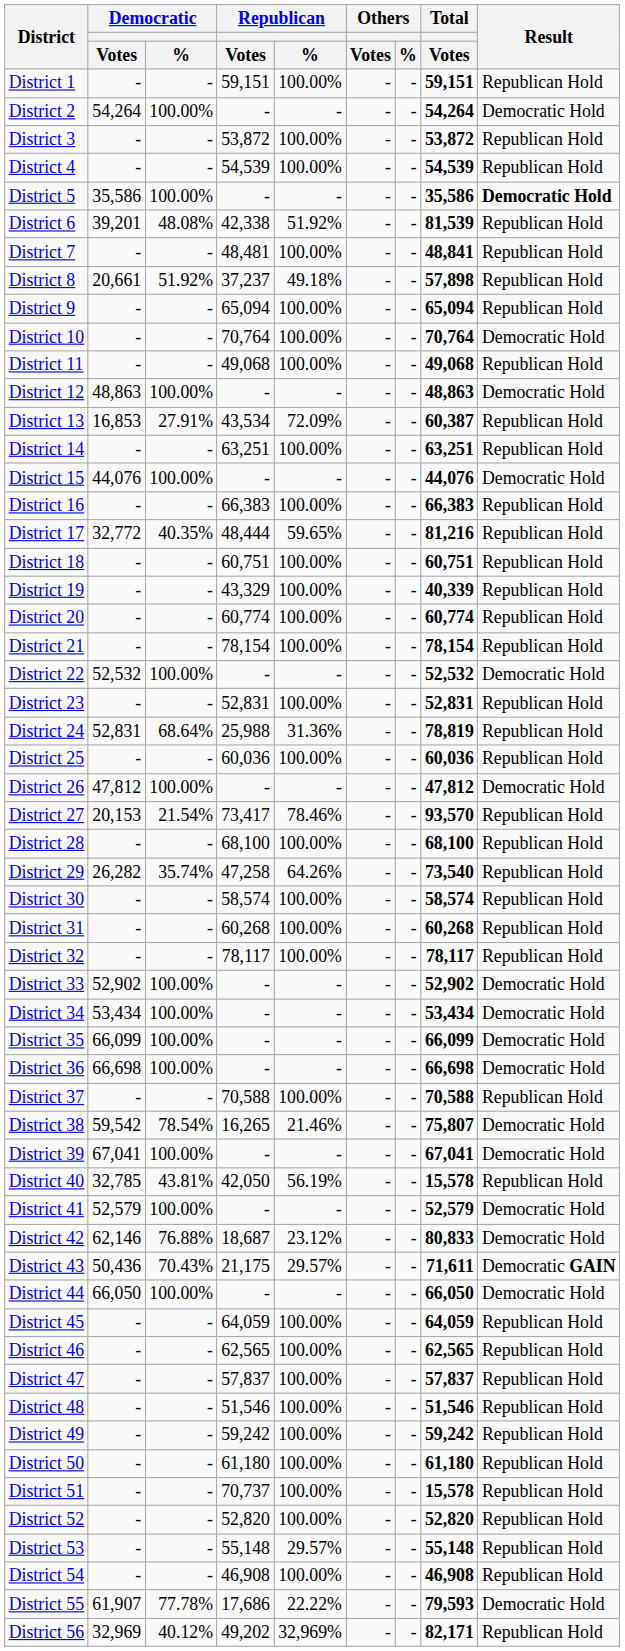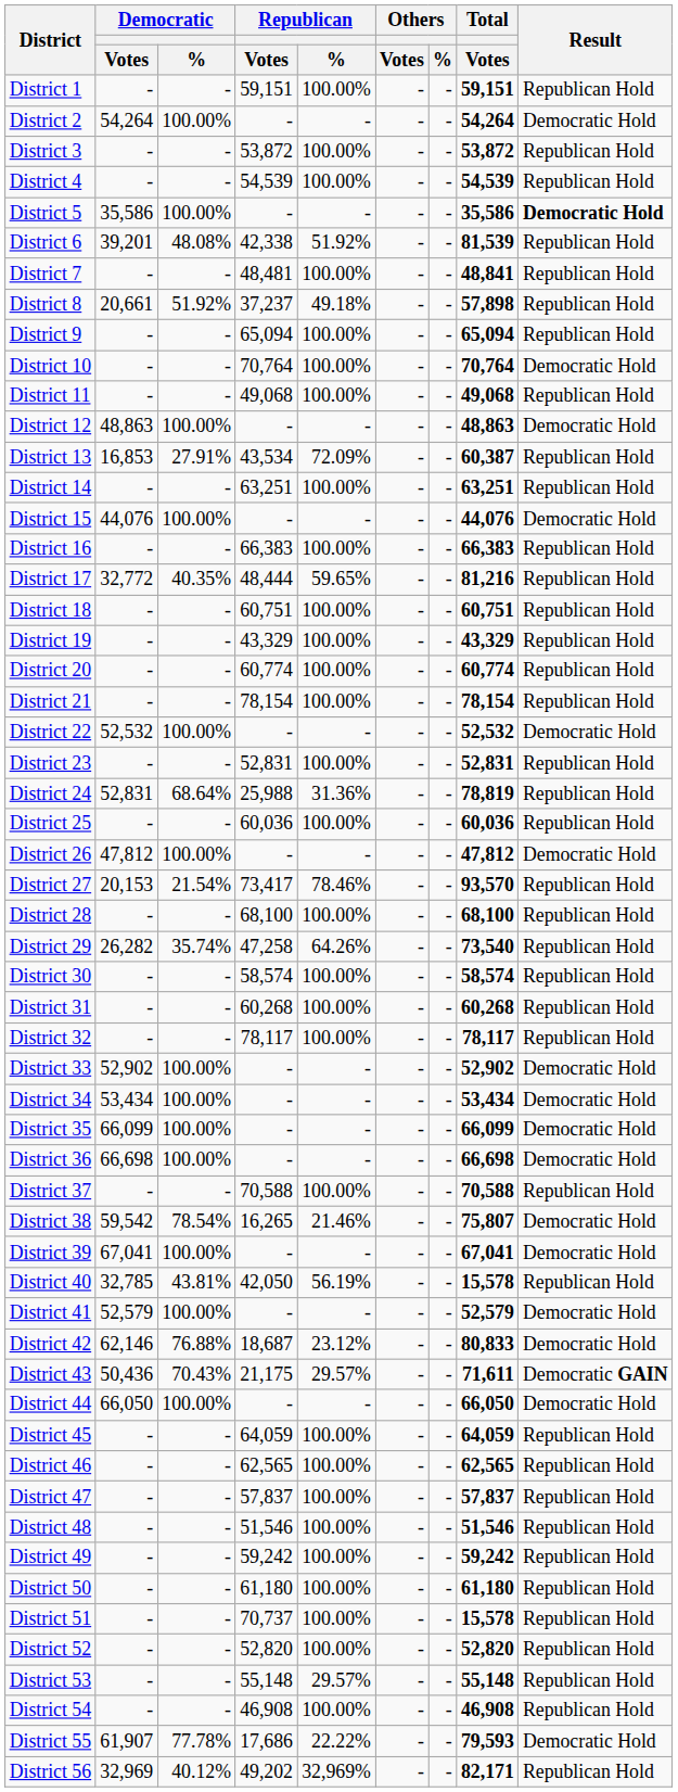 <table class="wikitable plainrowheaders sortable" style="font-size:100%; text-align:right;">
 <tr>
 <th scope=col rowspan=3>District</th>
 <th scope=col colspan=2><a href='#'>Democratic</a></th>
 <th scope=col colspan=2><a href='#'>Republican</a></th>
 <th scope=col colspan=2>Others</th>
 <th scope="col">Total</th>
 <th scope=col rowspan=3>Result</th>
 </tr>
 <tr>
 <th scope=col colspan=2 style="background:"></th>
 <th scope=col colspan=2 style="background:"></th>
 <th scope=col colspan=2></th>
 <th scope="col"></th>
 </tr>
 <tr>
 <th scope=col data-sort-type="number">Votes</th>
 <th scope=col data-sort-type="number">%</th>
 <th scope=col data-sort-type="number">Votes</th>
 <th scope=col data-sort-type="number">%</th>
 <th scope=col data-sort-type="number">Votes</th>
 <th scope=col data-sort-type="number">%</th>
 <th scope=col data-sort-type="number">Votes</th>
 </tr>
 <tr>
 <td align=left><a href='#'>District 1</a></td>
 <td>-</td>
 <td>-</td>
 <td>59,151</td>
 <td>100.00%</td>
 <td>-</td>
 <td>-</td>
 <td><strong>59,151</strong></td>
 <td align="left">Republican Hold</td>
 </tr>
 <tr>
 <td align=left><a href='#'>District 2</a></td>
 <td>54,264</td>
 <td>100.00%</td>
 <td>-</td>
 <td>-</td>
 <td>-</td>
 <td>-</td>
 <td><strong>54,264</strong></td>
 <td align="left">Democratic Hold</td>
 </tr>
 <tr>
 <td align=left><a href='#'>District 3</a></td>
 <td>-</td>
 <td>-</td>
 <td>53,872</td>
 <td>100.00%</td>
 <td>-</td>
 <td>-</td>
 <td><strong>53,872</strong></td>
 <td align="left">Republican Hold</td>
 </tr>
 <tr>
 <td align=left><a href='#'>District 4</a></td>
 <td>-</td>
 <td>-</td>
 <td>54,539</td>
 <td>100.00%</td>
 <td>-</td>
 <td>-</td>
 <td><strong>54,539</strong></td>
 <td align="left">Republican Hold</td>
 </tr>
 <tr>
 <td align=left><a href='#'>District 5</a></td>
 <td>35,586</td>
 <td>100.00%</td>
 <td>-</td>
 <td>-</td>
 <td>-</td>
 <td>-</td>
 <td><strong>35,586</strong></td>
 <td align="left"><strong>Democratic Hold</strong></td>
 </tr>
 <tr>
 <td align=left><a href='#'>District 6</a></td>
 <td>39,201</td>
 <td>48.08%</td>
 <td>42,338</td>
 <td>51.92%</td>
 <td>-</td>
 <td>-</td>
 <td><strong>81,539</strong></td>
 <td align="left">Republican Hold</td>
 </tr>
 <tr>
 <td align=left><a href='#'>District 7</a></td>
 <td>-</td>
 <td>-</td>
 <td>48,481</td>
 <td>100.00%</td>
 <td>-</td>
 <td>-</td>
 <td><strong>48,841</strong></td>
 <td align="left">Republican Hold</td>
 </tr>
 <tr>
 <td align=left><a href='#'>District 8</a></td>
 <td>20,661</td>
 <td>51.92%</td>
 <td>37,237</td>
 <td>49.18%</td>
 <td>-</td>
 <td>-</td>
 <td><strong>57,898</strong></td>
 <td align="left">Republican Hold</td>
 </tr>
 <tr>
 <td align=left><a href='#'>District 9</a></td>
 <td>-</td>
 <td>-</td>
 <td>65,094</td>
 <td>100.00%</td>
 <td>-</td>
 <td>-</td>
 <td><strong>65,094</strong></td>
 <td align="left">Republican Hold</td>
 </tr>
 <tr>
 <td align=left><a href='#'>District 10</a></td>
 <td>-</td>
 <td>-</td>
 <td>70,764</td>
 <td>100.00%</td>
 <td>-</td>
 <td>-</td>
 <td><strong>70,764</strong></td>
 <td align="left">Democratic Hold</td>
 </tr>
 <tr>
 <td align=left><a href='#'>District 11</a></td>
 <td>-</td>
 <td>-</td>
 <td>49,068</td>
 <td>100.00%</td>
 <td>-</td>
 <td>-</td>
 <td><strong>49,068</strong></td>
 <td align="left">Republican Hold</td>
 </tr>
 <tr>
 <td align=left><a href='#'>District 12</a></td>
 <td>48,863</td>
 <td>100.00%</td>
 <td>-</td>
 <td>-</td>
 <td>-</td>
 <td>-</td>
 <td><strong>48,863 </strong></td>
 <td align="left">Democratic Hold</td>
 </tr>
 <tr>
 <td align=left><a href='#'>District 13</a></td>
 <td>16,853</td>
 <td>27.91%</td>
 <td>43,534</td>
 <td>72.09%</td>
 <td>-</td>
 <td>-</td>
 <td><strong>60,387</strong></td>
 <td align="left">Republican Hold</td>
 </tr>
 <tr>
 <td align=left><a href='#'>District 14</a></td>
 <td>-</td>
 <td>-</td>
 <td>63,251</td>
 <td>100.00%</td>
 <td>-</td>
 <td>-</td>
 <td><strong>63,251</strong></td>
 <td align="left">Republican Hold</td>
 </tr>
 <tr>
 <td align=left><a href='#'>District 15</a></td>
 <td>44,076</td>
 <td>100.00%</td>
 <td>-</td>
 <td>-</td>
 <td>-</td>
 <td>-</td>
 <td><strong>44,076</strong></td>
 <td align="left">Democratic Hold</td>
 </tr>
 <tr>
 <td align=left><a href='#'>District 16</a></td>
 <td>-</td>
 <td>-</td>
 <td>66,383</td>
 <td>100.00%</td>
 <td>-</td>
 <td>-</td>
 <td><strong>66,383</strong></td>
 <td align="left">Republican Hold</td>
 </tr>
 <tr>
 <td align=left><a href='#'>District 17</a></td>
 <td>32,772</td>
 <td>40.35%</td>
 <td>48,444</td>
 <td>59.65%</td>
 <td>-</td>
 <td>-</td>
 <td><strong>81,216</strong></td>
 <td align="left">Republican Hold</td>
 </tr>
 <tr>
 <td align=left><a href='#'>District 18</a></td>
 <td>-</td>
 <td>-</td>
 <td>60,751</td>
 <td>100.00%</td>
 <td>-</td>
 <td>-</td>
 <td><strong>60,751</strong></td>
 <td align="left">Republican Hold</td>
 </tr>
 <tr>
 <td align=left><a href='#'>District 19</a></td>
 <td>-</td>
 <td>-</td>
 <td>43,329</td>
 <td>100.00%</td>
 <td>-</td>
 <td>-</td>
-<td><strong>40,339</strong></td>
+<td><strong>43,329</strong></td>
 <td align="left">Republican Hold</td>
 </tr>
 <tr>
 <td align=left><a href='#'>District 20</a></td>
 <td>-</td>
 <td>-</td>
 <td>60,774</td>
 <td>100.00%</td>
 <td>-</td>
 <td>-</td>
 <td><strong>60,774</strong></td>
 <td align="left">Republican Hold</td>
 </tr>
 <tr>
 <td align=left><a href='#'>District 21</a></td>
 <td>-</td>
 <td>-</td>
 <td>78,154</td>
 <td>100.00%</td>
 <td>-</td>
 <td>-</td>
 <td><strong>78,154</strong></td>
 <td align="left">Republican Hold</td>
 </tr>
 <tr>
 <td align=left><a href='#'>District 22</a></td>
 <td>52,532</td>
 <td>100.00%</td>
 <td>-</td>
 <td>-</td>
 <td>-</td>
 <td>-</td>
 <td><strong>52,532</strong></td>
 <td align="left">Democratic Hold</td>
 </tr>
 <tr>
 <td align=left><a href='#'>District 23</a></td>
 <td>-</td>
 <td>-</td>
 <td>52,831</td>
 <td>100.00%</td>
 <td>-</td>
 <td>-</td>
 <td><strong>52,831</strong></td>
 <td align="left">Republican Hold</td>
 </tr>
 <tr>
 <td align=left><a href='#'>District 24</a></td>
 <td>52,831</td>
 <td>68.64%</td>
 <td>25,988</td>
 <td>31.36%</td>
 <td>-</td>
 <td>-</td>
 <td><strong>78,819</strong></td>
 <td align="left">Republican Hold</td>
 </tr>
 <tr>
 <td align=left><a href='#'>District 25</a></td>
 <td>-</td>
 <td>-</td>
 <td>60,036</td>
 <td>100.00%</td>
 <td>-</td>
 <td>-</td>
 <td><strong>60,036</strong></td>
 <td align="left">Republican Hold</td>
 </tr>
 <tr>
 <td align=left><a href='#'>District 26</a></td>
 <td>47,812</td>
 <td>100.00%</td>
 <td>-</td>
 <td>-</td>
 <td>-</td>
 <td>-</td>
 <td><strong>47,812</strong></td>
 <td align="left">Democratic Hold</td>
 </tr>
 <tr>
 <td align=left><a href='#'>District 27</a></td>
 <td>20,153</td>
 <td>21.54%</td>
 <td>73,417</td>
 <td>78.46%</td>
 <td>-</td>
 <td>-</td>
 <td><strong>93,570</strong></td>
 <td align="left">Republican Hold</td>
 </tr>
 <tr>
 <td align=left><a href='#'>District 28</a></td>
 <td>-</td>
 <td>-</td>
 <td>68,100</td>
 <td>100.00%</td>
 <td>-</td>
 <td>-</td>
 <td><strong>68,100</strong></td>
 <td align="left">Republican Hold</td>
 </tr>
 <tr>
 <td align=left><a href='#'>District 29</a></td>
 <td>26,282</td>
 <td>35.74%</td>
 <td>47,258</td>
 <td>64.26%</td>
 <td>-</td>
 <td>-</td>
 <td><strong>73,540</strong></td>
 <td align="left">Republican Hold</td>
 </tr>
 <tr>
 <td align=left><a href='#'>District 30</a></td>
 <td>-</td>
 <td>-</td>
 <td>58,574</td>
 <td>100.00%</td>
 <td>-</td>
 <td>-</td>
 <td><strong>58,574</strong></td>
 <td align="left">Republican Hold</td>
 </tr>
 <tr>
 <td align=left><a href='#'>District 31</a></td>
 <td>-</td>
 <td>-</td>
 <td>60,268</td>
 <td>100.00%</td>
 <td>-</td>
 <td>-</td>
 <td><strong>60,268</strong></td>
 <td align="left">Republican Hold</td>
 </tr>
 <tr>
 <td align=left><a href='#'>District 32</a></td>
 <td>-</td>
 <td>-</td>
 <td>78,117</td>
 <td>100.00%</td>
 <td>-</td>
 <td>-</td>
 <td><strong>78,117</strong></td>
 <td align="left">Republican Hold</td>
 </tr>
 <tr>
 <td align=left><a href='#'>District 33</a></td>
 <td>52,902</td>
 <td>100.00%</td>
 <td>-</td>
 <td>-</td>
 <td>-</td>
 <td>-</td>
 <td><strong>52,902</strong></td>
 <td align="left">Democratic Hold</td>
 </tr>
 <tr>
 <td align=left><a href='#'>District 34</a></td>
 <td>53,434</td>
 <td>100.00%</td>
 <td>-</td>
 <td>-</td>
 <td>-</td>
 <td>-</td>
 <td><strong>53,434</strong></td>
 <td align="left">Democratic Hold</td>
 </tr>
 <tr>
 <td align=left><a href='#'>District 35</a></td>
 <td>66,099</td>
 <td>100.00%</td>
 <td>-</td>
 <td>-</td>
 <td>-</td>
 <td>-</td>
 <td><strong>66,099</strong></td>
 <td align="left">Democratic Hold</td>
 </tr>
 <tr>
 <td align=left><a href='#'>District 36</a></td>
 <td>66,698</td>
 <td>100.00%</td>
 <td>-</td>
 <td>-</td>
 <td>-</td>
 <td>-</td>
 <td><strong>66,698</strong></td>
 <td align="left">Democratic Hold</td>
 </tr>
 <tr>
 <td align=left><a href='#'>District 37</a></td>
 <td>-</td>
 <td>-</td>
 <td>70,588</td>
 <td>100.00%</td>
 <td>-</td>
 <td>-</td>
 <td><strong>70,588</strong></td>
 <td align="left">Republican Hold</td>
 </tr>
 <tr>
 <td align=left><a href='#'>District 38</a></td>
 <td>59,542</td>
 <td>78.54%</td>
 <td>16,265</td>
 <td>21.46%</td>
 <td>-</td>
 <td>-</td>
 <td><strong>75,807</strong></td>
 <td align="left">Democratic Hold</td>
 </tr>
 <tr>
 <td align=left><a href='#'>District 39</a></td>
 <td>67,041</td>
 <td>100.00%</td>
 <td>-</td>
 <td>-</td>
 <td>-</td>
 <td>-</td>
 <td><strong>67,041</strong></td>
 <td align="left">Democratic Hold</td>
 </tr>
 <tr ->
 <td align=left><a href='#'>District 40</a></td>
 <td>32,785</td>
 <td>43.81%</td>
 <td>42,050</td>
 <td>56.19%</td>
 <td>-</td>
 <td>-</td>
 <td><strong>15,578</strong></td>
 <td align="left">Republican Hold</td>
 </tr>
 <tr>
 <td align=left><a href='#'>District 41</a></td>
 <td>52,579</td>
 <td>100.00%</td>
 <td>-</td>
 <td>-</td>
 <td>-</td>
 <td>-</td>
 <td><strong>52,579</strong></td>
 <td align="left">Democratic Hold</td>
 </tr>
 <tr>
 <td align=left><a href='#'>District 42</a></td>
 <td>62,146</td>
 <td>76.88%</td>
 <td>18,687</td>
 <td>23.12%</td>
 <td>-</td>
 <td>-</td>
 <td><strong>80,833</strong></td>
 <td align="left">Democratic Hold</td>
 </tr>
 <tr>
 <td align=left><a href='#'>District 43</a></td>
 <td>50,436</td>
 <td>70.43%</td>
 <td>21,175</td>
 <td>29.57%</td>
 <td>-</td>
 <td>-</td>
 <td><strong>71,611</strong></td>
 <td align="left">Democratic <strong>GAIN</strong></td>
 </tr>
 <tr>
 <td align=left><a href='#'>District 44</a></td>
 <td>66,050</td>
 <td>100.00%</td>
 <td>-</td>
 <td>-</td>
 <td>-</td>
 <td>-</td>
 <td><strong>66,050</strong></td>
 <td align="left">Democratic Hold</td>
 </tr>
 <tr>
 <td align=left><a href='#'>District 45</a></td>
 <td>-</td>
 <td>-</td>
 <td>64,059</td>
 <td>100.00%</td>
 <td>-</td>
 <td>-</td>
 <td><strong>64,059</strong></td>
 <td align="left">Republican Hold</td>
 </tr>
 <tr>
 <td align=left><a href='#'>District 46</a></td>
 <td>-</td>
 <td>-</td>
 <td>62,565</td>
 <td>100.00%</td>
 <td>-</td>
 <td>-</td>
 <td><strong>62,565</strong></td>
 <td align="left">Republican Hold</td>
 </tr>
 <tr>
 <td align=left><a href='#'>District 47</a></td>
 <td>-</td>
 <td>-</td>
 <td>57,837</td>
 <td>100.00%</td>
 <td>-</td>
 <td>-</td>
 <td><strong>57,837</strong></td>
 <td align="left">Republican Hold</td>
 </tr>
 <tr>
 <td align=left><a href='#'>District 48</a></td>
 <td>-</td>
 <td>-</td>
 <td>51,546</td>
 <td>100.00%</td>
 <td>-</td>
 <td>-</td>
 <td><strong>51,546</strong></td>
 <td align="left">Republican Hold</td>
 </tr>
 <tr>
 <td align=left><a href='#'>District 49</a></td>
 <td>-</td>
 <td>-</td>
 <td>59,242</td>
 <td>100.00%</td>
 <td>-</td>
 <td>-</td>
 <td><strong>59,242</strong></td>
 <td align="left">Republican Hold</td>
 </tr>
 <tr>
 <td align=left><a href='#'>District 50</a></td>
 <td>-</td>
 <td>-</td>
 <td>61,180</td>
 <td>100.00%</td>
 <td>-</td>
 <td>-</td>
 <td><strong>61,180</strong></td>
 <td align="left">Republican Hold</td>
 </tr>
 <tr>
 <td align=left><a href='#'>District 51</a></td>
 <td>-</td>
 <td>-</td>
 <td>70,737</td>
 <td>100.00%</td>
 <td>-</td>
 <td>-</td>
 <td><strong>15,578</strong></td>
 <td align="left">Republican Hold</td>
 </tr>
 <tr>
 <td align=left><a href='#'>District 52</a></td>
 <td>-</td>
 <td>-</td>
 <td>52,820</td>
 <td>100.00%</td>
 <td>-</td>
 <td>-</td>
 <td><strong>52,820</strong></td>
 <td align="left">Republican Hold</td>
 </tr>
 <tr>
 <td align=left><a href='#'>District 53</a></td>
 <td>-</td>
 <td>-</td>
 <td>55,148</td>
 <td>29.57%</td>
 <td>-</td>
 <td>-</td>
 <td><strong>55,148</strong></td>
 <td align="left">Republican Hold</td>
 </tr>
 <tr>
 <td align=left><a href='#'>District 54</a></td>
 <td>-</td>
 <td>-</td>
 <td>46,908</td>
 <td>100.00%</td>
 <td>-</td>
 <td>-</td>
 <td><strong>46,908</strong></td>
 <td align="left">Republican Hold</td>
 </tr>
 <tr>
 <td align=left><a href='#'>District 55</a></td>
 <td>61,907</td>
 <td>77.78%</td>
 <td>17,686</td>
 <td>22.22%</td>
 <td>-</td>
 <td>-</td>
 <td><strong>79,593</strong></td>
 <td align="left">Democratic Hold</td>
 </tr>
 <tr>
 <td align=left><a href='#'>District 56</a></td>
 <td>32,969</td>
 <td>40.12%</td>
 <td>49,202</td>
 <td>32,969%</td>
 <td>-</td>
 <td>-</td>
 <td><strong>82,171</strong></td>
 <td align="left">Republican Hold</td>
 </tr>
 </table>
